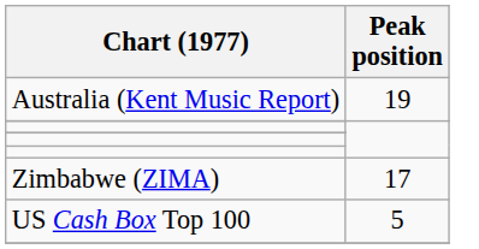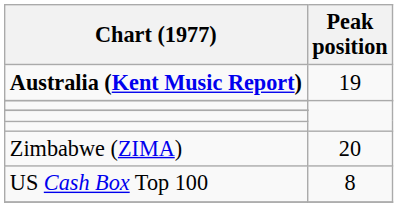 <table class="wikitable sortable">
 <tr>
 <th align="left">Chart (1977)</th>
 <th align="left">Peak<br>position</th>
 </tr>
 <tr>
-<td align="left">Australia (<a href='#'>Kent Music Report</a>)</td>
+<td align="left"><strong>Australia (<a href='#'>Kent Music Report</a>)</strong></td>
 <td style="text-align:center;">19</td>
 </tr>
 <tr>
 </tr>
 <tr>
 <td></td>
 </tr>
 <tr>
 </tr>
 <tr>
 <td></td>
 </tr>
 <tr>
 <td></td>
 </tr>
 <tr>
 <td>Zimbabwe (<a href='#'>ZIMA</a>)</td>
-<td style="text-align:center;">17</td>
+<td style="text-align:center;">20</td>
 </tr>
 <tr>
 <td>US <a href='#'><em>Cash Box</em></a> Top 100</td>
-<td align="center">5</td>
+<td align="center">8</td>
 </tr>
 <tr>
 </tr>
 </table>
